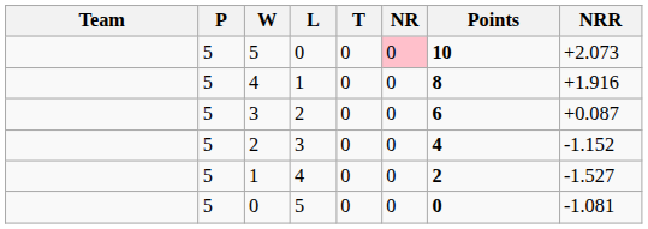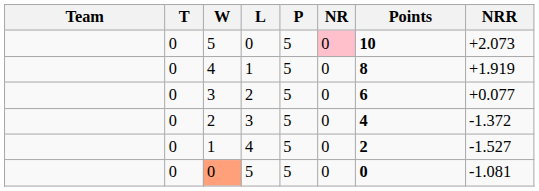 <table class="wikitable">
 <tr>
 <th width=150>Team</th>
-<th style="width:30px;" abbr="Played">P</th>
+<th style="width:30px;" abbr="Tied">T</th>
 <th style="width:30px;" abbr="Won">W</th>
 <th style="width:30px;" abbr="Lost">L</th>
-<th style="width:30px;" abbr="Tied">T</th>
+<th style="width:30px;" abbr="Played">P</th>
 <th style="width:30px;" abbr="No result">NR</th>
 <th style="width:100px;" abbr="Points">Points</th>
 <th style="width:60px;" abbr="Net run rate">NRR</th>
 </tr>
 <tr>
 <td style="text-align:left;"></td>
-<td>5</td>
+<td>0</td>
 <td>5</td>
 <td>0</td>
-<td>0</td>
+<td>5</td>
 <td style="background: pink;">0</td>
 <td><strong>10</strong></td>
 <td>+2.073</td>
 </tr>
 <tr>
 <td style="text-align:left;"></td>
-<td>5</td>
+<td>0</td>
 <td>4</td>
 <td>1</td>
-<td>0</td>
+<td>5</td>
 <td>0</td>
 <td><strong>8</strong></td>
-<td>+1.916</td>
+<td>+1.919</td>
 </tr>
 <tr>
 <td style="text-align:left;"></td>
-<td>5</td>
+<td>0</td>
 <td>3</td>
 <td>2</td>
-<td>0</td>
+<td>5</td>
 <td>0</td>
 <td><strong>6</strong></td>
-<td>+0.087</td>
+<td>+0.077</td>
 </tr>
 <tr>
 <td style="text-align:left;"></td>
-<td>5</td>
+<td>0</td>
 <td>2</td>
 <td>3</td>
-<td>0</td>
+<td>5</td>
 <td>0</td>
 <td><strong>4</strong></td>
-<td>-1.152</td>
+<td>-1.372</td>
 </tr>
 <tr>
 <td style="text-align:left;"></td>
-<td>5</td>
+<td>0</td>
 <td>1</td>
 <td>4</td>
-<td>0</td>
+<td>5</td>
 <td>0</td>
 <td><strong>2</strong></td>
 <td>-1.527</td>
 </tr>
 <tr>
 <td style="text-align:left;"></td>
+<td>0</td>
+<td style="background: lightsalmon;">0</td>
 <td>5</td>
-<td>0</td>
 <td>5</td>
-<td>0</td>
 <td>0</td>
 <td><strong>0</strong></td>
 <td>-1.081</td>
 </tr>
 </table>
